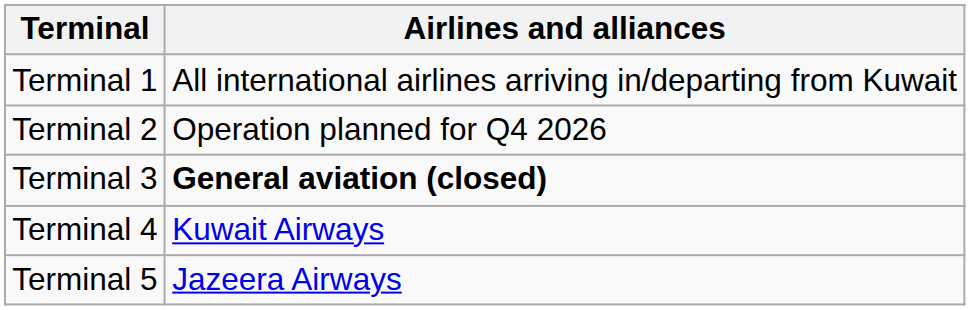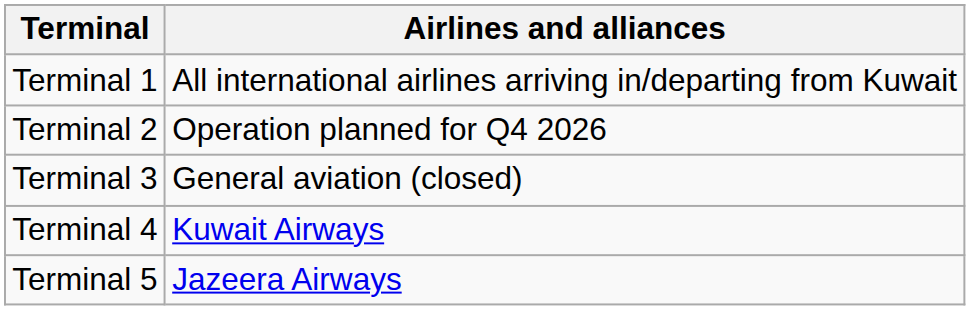 <table class="wikitable">
 <tr>
 <th>Terminal</th>
 <th>Airlines and alliances</th>
 </tr>
 <tr>
 <td Terminal 1>Terminal 1</td>
 <td>All international airlines arriving in/departing from Kuwait  </td>
 </tr>
 <tr>
 <td Terminal 2>Terminal 2</td>
 <td>Operation planned for Q4 2026</td>
 </tr>
 <tr>
 <td Terminal 3>Terminal 3</td>
-<td><strong>General aviation (closed)</strong></td>
+<td>General aviation (closed)</td>
 </tr>
 <tr>
 <td Terminal 4>Terminal 4</td>
 <td><a href='#'>Kuwait Airways</a>  </td>
 </tr>
 <tr>
 <td Terminal 5>Terminal 5</td>
 <td><a href='#'>Jazeera Airways</a> </td>
 </tr>
 </table>
